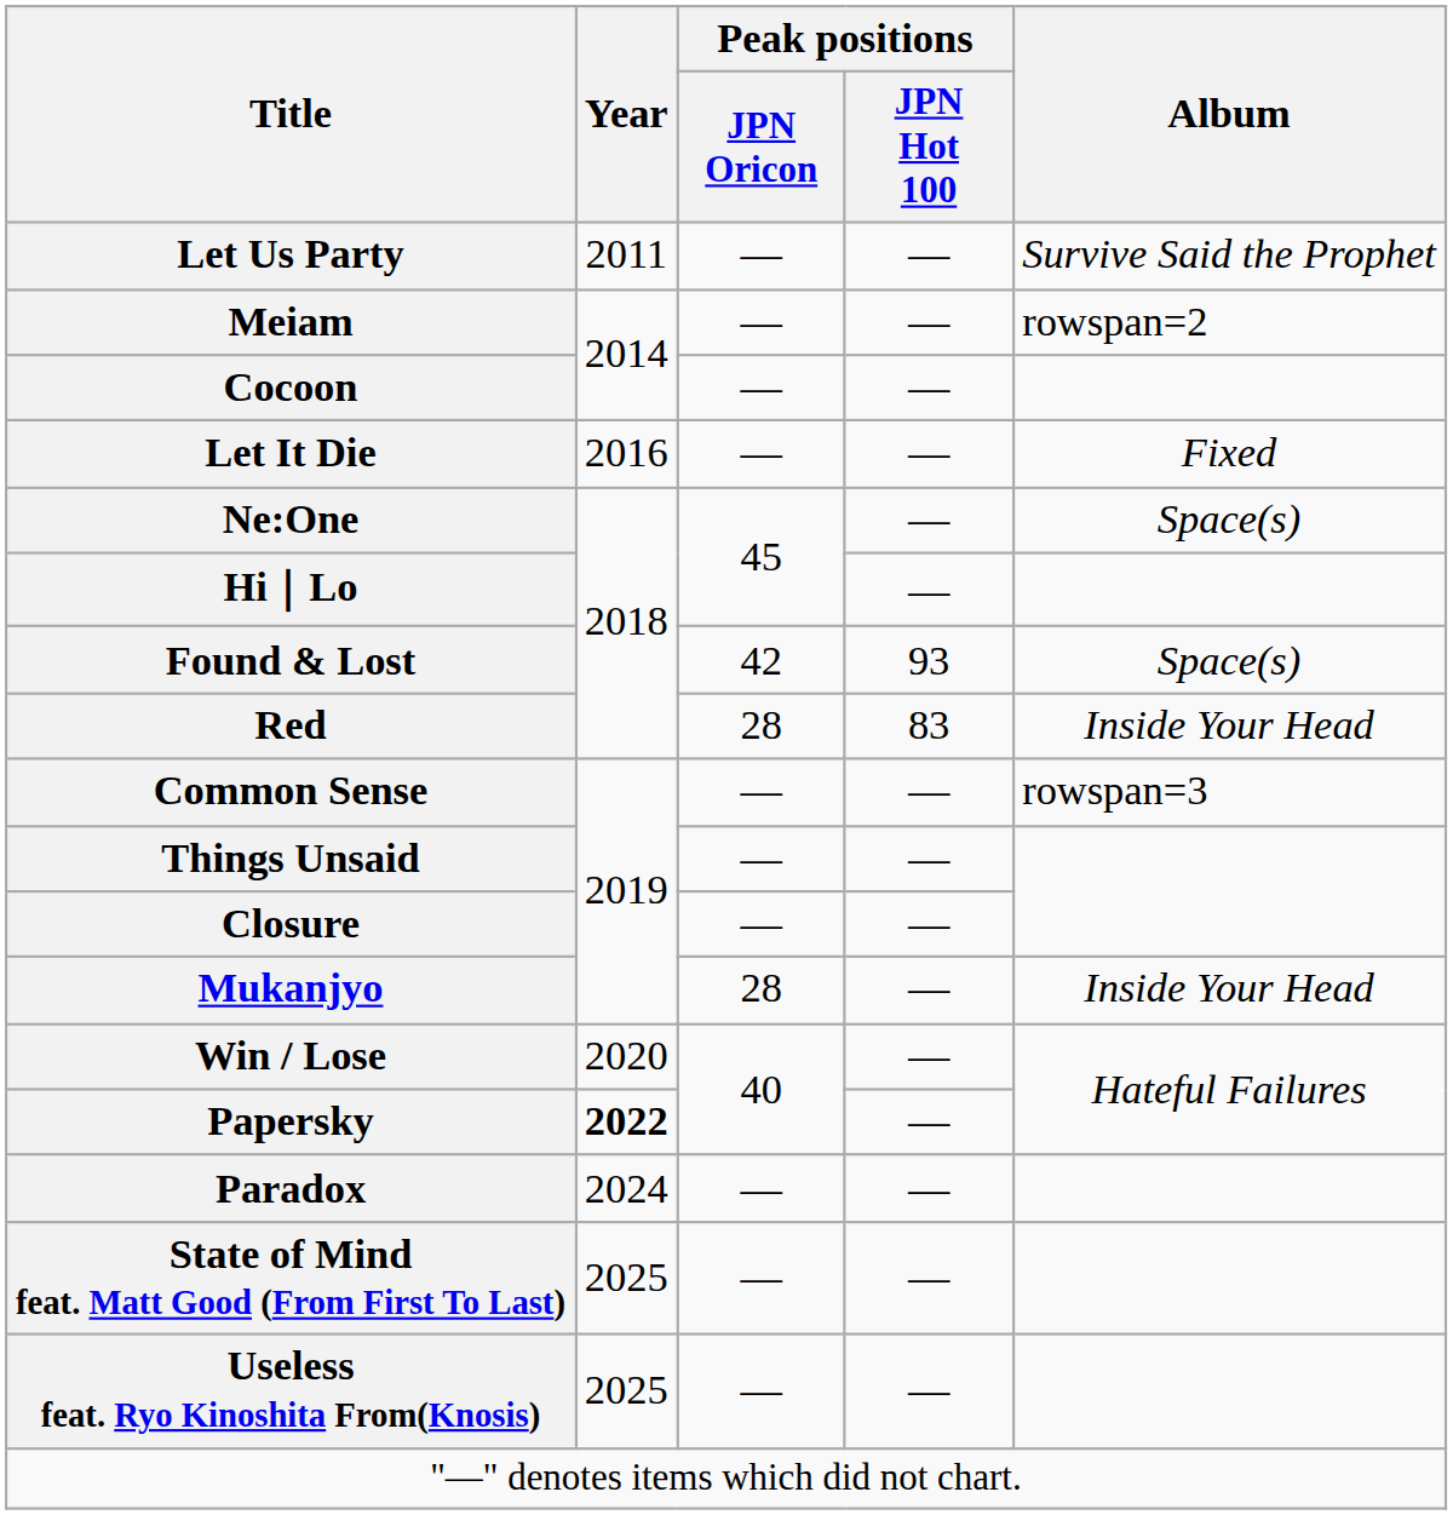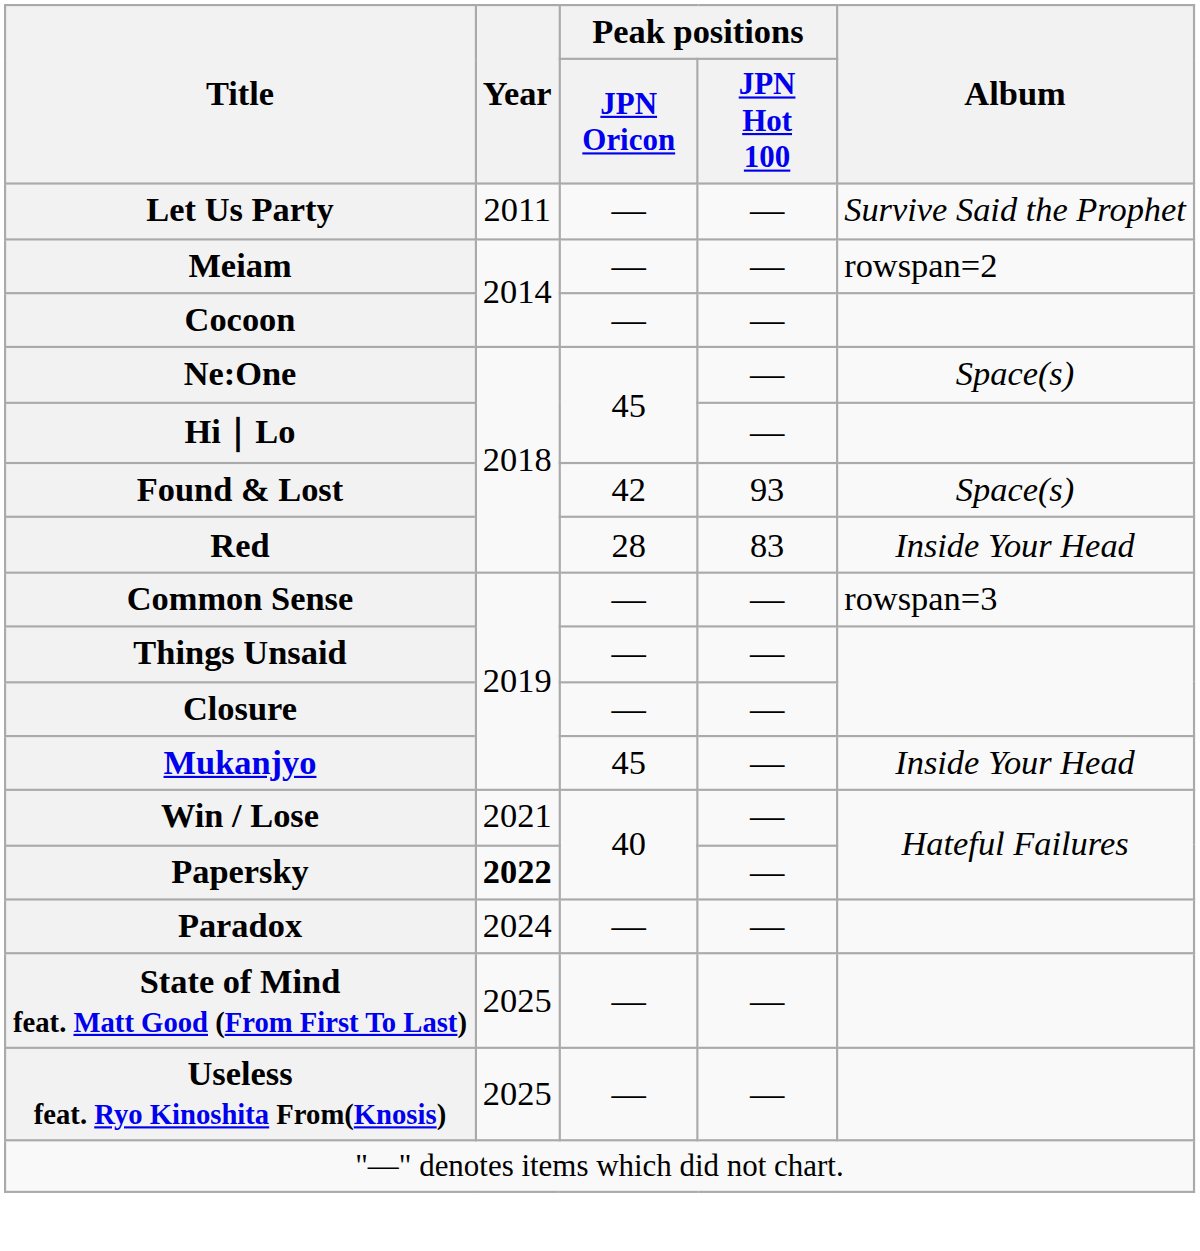 <table class="wikitable plainrowheaders">
 <tr>
 <th scope="col" rowspan="2">Title</th>
 <th scope="col" rowspan="2">Year</th>
 <th scope="col" colspan="2">Peak positions</th>
 <th scope="col" rowspan="2">Album</th>
 </tr>
 <tr>
 <th style="width:4em;font-size:90%" scope="col"><a href='#'>JPN<br>Oricon</a><br></th>
 <th scope="col" style="width:4em;font-size:90%"><a href='#'>JPN<br>Hot<br>100</a><br></th>
 </tr>
 <tr>
 <th scope="row">Let Us Party</th>
 <td align="center">2011</td>
 <td align="center">—</td>
 <td align="center">—</td>
 <td align="center"><em>Survive Said the Prophet</em></td>
 </tr>
 <tr>
 <th scope="row">Meiam</th>
 <td rowspan=2 align="center">2014</td>
 <td align="center">—</td>
 <td align="center">—</td>
 <td>rowspan=2 </td>
 </tr>
 <tr>
 <th scope="row">Cocoon</th>
 <td align="center">—</td>
 <td align="center">—</td>
-</tr>
-<tr>
-<th scope="row">Let It Die</th>
-<td align="center">2016</td>
-<td align="center">—</td>
-<td align="center">—</td>
-<td align="center"><em>Fixed</em></td>
 </tr>
 <tr>
 <th scope="row">Ne:One</th>
 <td rowspan=4 align="center">2018</td>
 <td rowspan=2 align="center">45</td>
 <td align="center">—</td>
 <td align="center"><em>Space(s)</em></td>
 </tr>
 <tr>
 <th scope="row">Hi｜Lo</th>
 <td align="center">—</td>
 <td></td>
 </tr>
 <tr>
 <th scope="row">Found & Lost</th>
 <td align="center">42</td>
 <td align="center">93</td>
 <td align="center"><em>Space(s)</em></td>
 </tr>
 <tr>
 <th scope="row">Red</th>
 <td align="center">28</td>
 <td align="center">83</td>
 <td align="center"><em>Inside Your Head</em></td>
 </tr>
 <tr>
 <th scope="row">Common Sense</th>
 <td rowspan=4 align="center">2019</td>
 <td align="center">—</td>
 <td align="center">—</td>
 <td>rowspan=3 </td>
 </tr>
 <tr>
 <th scope="row">Things Unsaid</th>
 <td align="center">—</td>
 <td align="center">—</td>
 </tr>
 <tr>
 <th scope="row">Closure</th>
 <td align="center">—</td>
 <td align="center">—</td>
 </tr>
 <tr>
 <th scope="row"><a href='#'>Mukanjyo</a></th>
-<td align="center">28</td>
+<td align="center">45</td>
 <td align="center">—</td>
 <td align="center"><em>Inside Your Head</em></td>
 </tr>
 <tr>
 <th scope="row">Win / Lose</th>
-<td align="center">2020</td>
+<td align="center">2021</td>
 <td rowspan=2 align="center">40</td>
 <td align="center">—</td>
 <td rowspan=2 align="center"><em>Hateful Failures</em></td>
 </tr>
 <tr>
 <th scope="row">Papersky</th>
 <td align="center"><strong>2022</strong></td>
 <td align="center">—</td>
 </tr>
 <tr>
 <th scope="row">Paradox</th>
 <td align="center">2024</td>
 <td align="center">—</td>
 <td align="center">—</td>
 <td></td>
 </tr>
 <tr>
 <th scope="row">State of Mind<br><small>feat. <a href='#'>Matt Good</a> (<a href='#'>From First To Last</a>)</small></th>
 <td align="center">2025</td>
 <td align="center">—</td>
 <td align="center">—</td>
 <td></td>
 </tr>
 <tr>
 <th scope="row">Useless<br><small>feat. <a href='#'>Ryo Kinoshita</a> From(<a href='#'>Knosis</a>)</small></th>
 <td align="center">2025</td>
 <td align="center">—</td>
 <td align="center">—</td>
 <td></td>
 </tr>
 <tr>
 <td colspan="5" align="center" style="font-size:90%;">"—" denotes items which did not chart.</td>
 </tr>
 </table>
